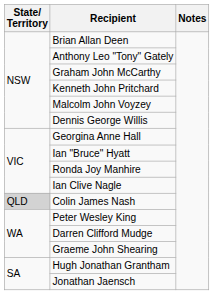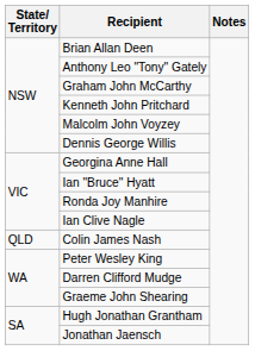 <table class="wikitable" style="font-size:95%;">
 <tr>
 <th>State/<br>Territory</th>
 <th>Recipient</th>
 <th>Notes</th>
 </tr>
 <tr>
 <td rowspan=6>NSW</td>
 <td>Brian Allan Deen</td>
 <td rowspan=16></td>
 </tr>
 <tr>
 <td>Anthony Leo "Tony" Gately</td>
 </tr>
 <tr>
 <td>Graham John McCarthy</td>
 </tr>
 <tr>
 <td>Kenneth John Pritchard</td>
 </tr>
 <tr>
 <td>Malcolm John Voyzey</td>
 </tr>
 <tr>
 <td>Dennis George Willis</td>
 </tr>
 <tr>
 <td rowspan=4>VIC</td>
 <td>Georgina Anne Hall</td>
 </tr>
 <tr>
 <td>Ian "Bruce" Hyatt</td>
 </tr>
 <tr>
 <td>Ronda Joy Manhire</td>
 </tr>
 <tr>
 <td>Ian Clive Nagle</td>
 </tr>
 <tr>
-<td style="background: lightgrey;">QLD</td>
+<td>QLD</td>
 <td>Colin James Nash</td>
 </tr>
 <tr>
 <td rowspan=3>WA</td>
 <td>Peter Wesley King</td>
 </tr>
 <tr>
 <td>Darren Clifford Mudge</td>
 </tr>
 <tr>
 <td>Graeme John Shearing</td>
 </tr>
 <tr>
 <td rowspan=2>SA</td>
 <td> Hugh Jonathan Grantham</td>
 </tr>
 <tr>
 <td>Jonathan Jaensch</td>
 </tr>
 </table>
